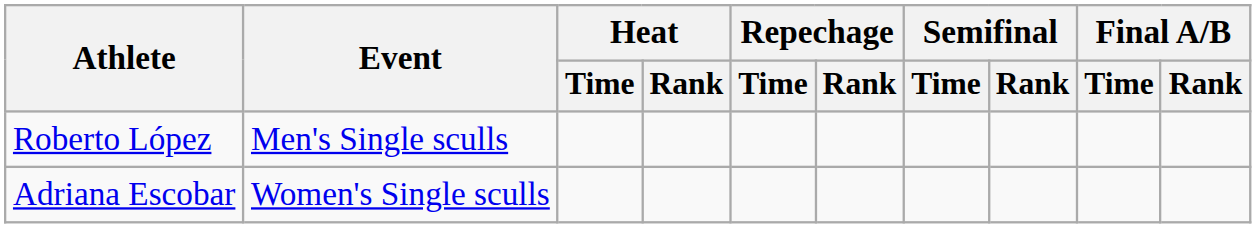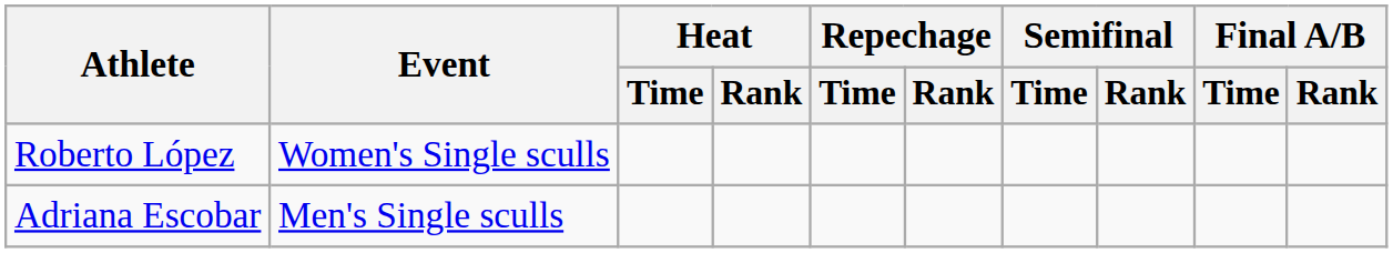 <table class=wikitable style=font-size:90%;text-align:center>
 <tr>
 <th rowspan=2>Athlete</th>
 <th rowspan=2>Event</th>
 <th colspan=2>Heat</th>
 <th colspan=2>Repechage</th>
 <th colspan=2>Semifinal</th>
 <th colspan=2>Final A/B</th>
 </tr>
 <tr style=font-size:95%>
 <th>Time</th>
 <th>Rank</th>
 <th>Time</th>
 <th>Rank</th>
 <th>Time</th>
 <th>Rank</th>
 <th>Time</th>
 <th>Rank</th>
 </tr>
 <tr>
 <td align=left><a href='#'>Roberto López</a></td>
-<td align=left><a href='#'>Men's Single sculls</a></td>
+<td align=left><a href='#'>Women's Single sculls</a></td>
 <td></td>
 <td></td>
 <td></td>
 <td></td>
 <td></td>
 <td></td>
 <td></td>
 <td></td>
 </tr>
 <tr>
 <td align=left><a href='#'>Adriana Escobar</a></td>
-<td align=left><a href='#'>Women's Single sculls</a></td>
+<td align=left><a href='#'>Men's Single sculls</a></td>
 <td></td>
 <td></td>
 <td></td>
 <td></td>
 <td></td>
 <td></td>
 <td></td>
 <td></td>
 </tr>
 </table>
